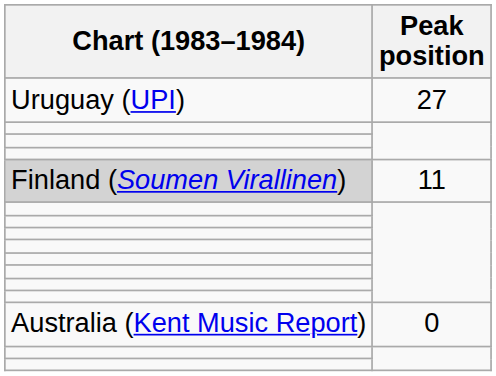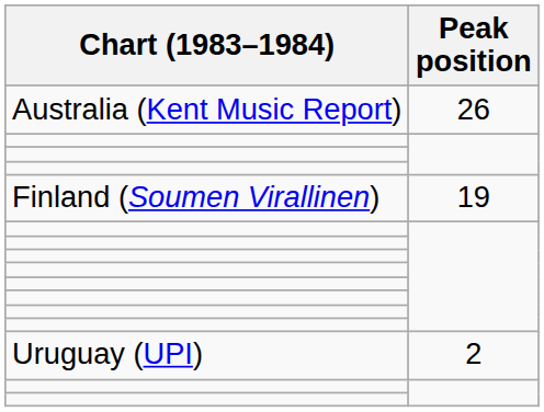 <table class="wikitable sortable plainrowheaders">
 <tr>
 <th scope="col">Chart (1983–1984)</th>
 <th scope="col">Peak<br>position</th>
 </tr>
 <tr>
-<td>Uruguay (<a href='#'>UPI</a>)</td>
-<td style="text-align:center;">27</td>
+<td align="left">Australia (<a href='#'>Kent Music Report</a>)</td>
+<td style="text-align:center;">26</td>
 </tr>
 <tr>
 <td></td>
 </tr>
 <tr>
 <td></td>
 </tr>
 <tr>
 <td></td>
 </tr>
 <tr>
-<td align="left" style="background: lightgrey;">Finland (<a href='#'><em>Soumen Virallinen</em></a>)</td>
-<td style="text-align:center;">11</td>
+<td align="left">Finland (<a href='#'><em>Soumen Virallinen</em></a>)</td>
+<td style="text-align:center;">19</td>
 </tr>
 <tr>
 <td></td>
 </tr>
 <tr>
 <td></td>
 </tr>
 <tr>
 <td></td>
 </tr>
 <tr>
 <td></td>
 </tr>
 <tr>
 <td></td>
 </tr>
 <tr>
 <td></td>
 </tr>
 <tr>
 <td></td>
 </tr>
 <tr>
 <td></td>
 </tr>
 <tr>
-<td align="left">Australia (<a href='#'>Kent Music Report</a>)</td>
-<td align="center">0</td>
+<td>Uruguay (<a href='#'>UPI</a>)</td>
+<td align="center">2</td>
 </tr>
 <tr>
 <td></td>
 </tr>
 <tr>
 <td></td>
 </tr>
 </table>
